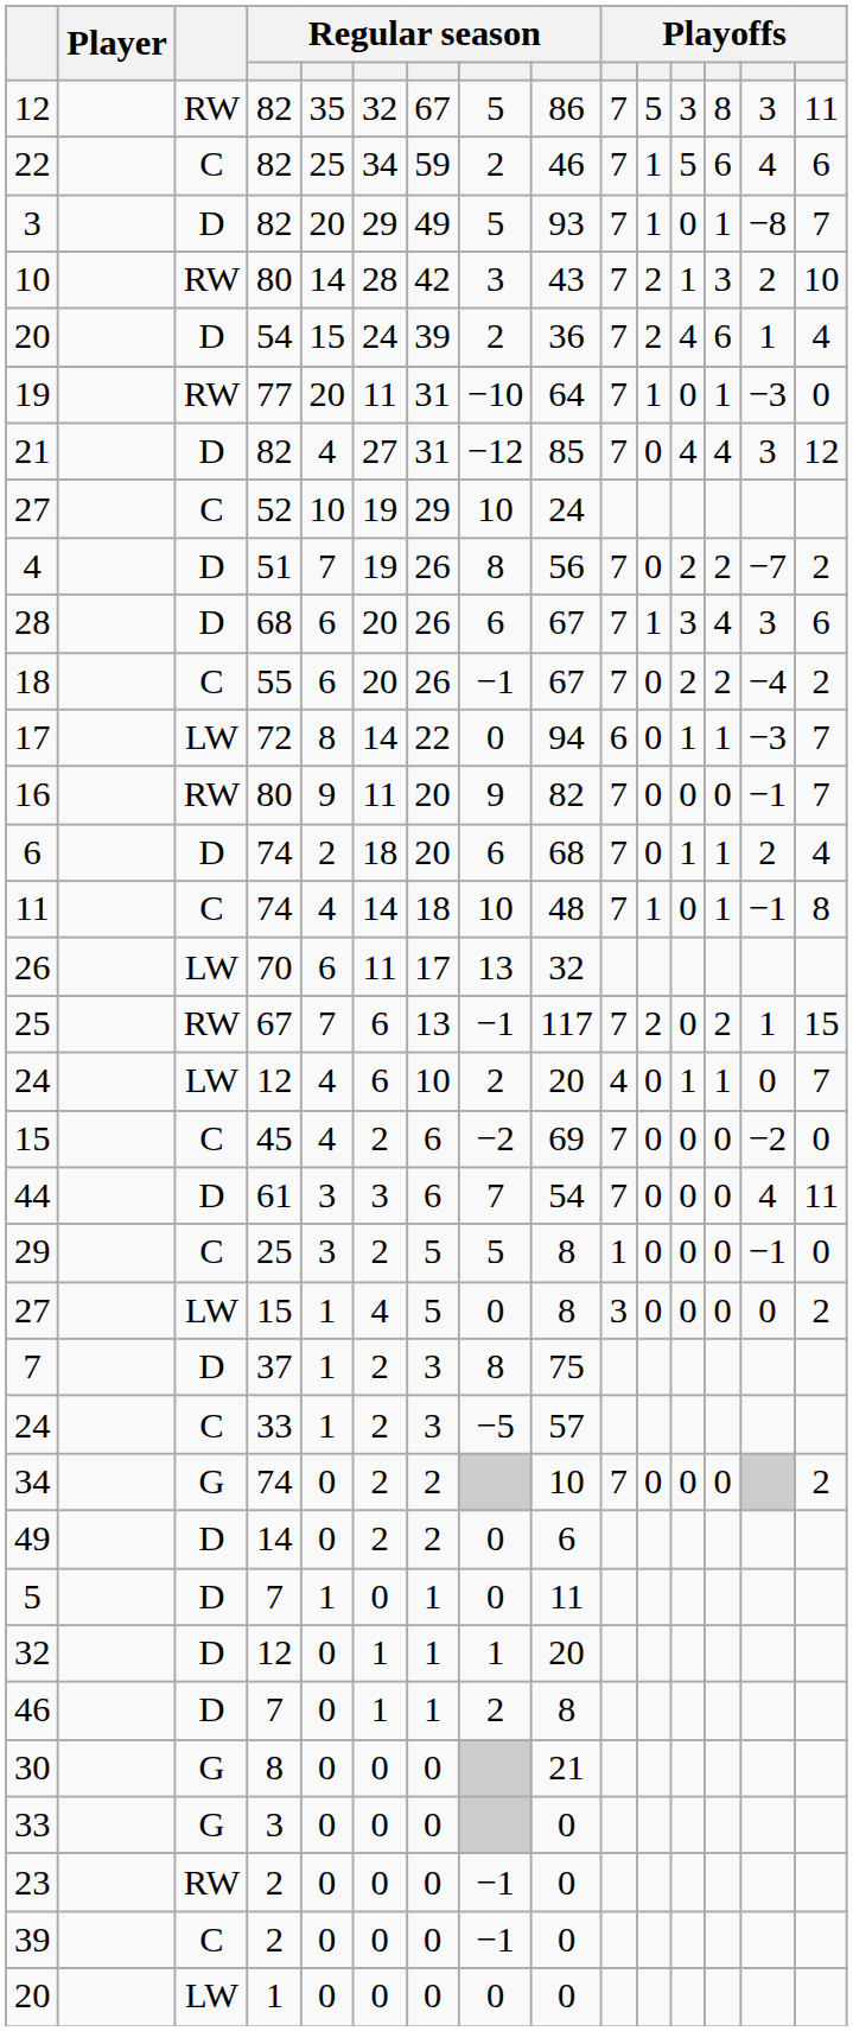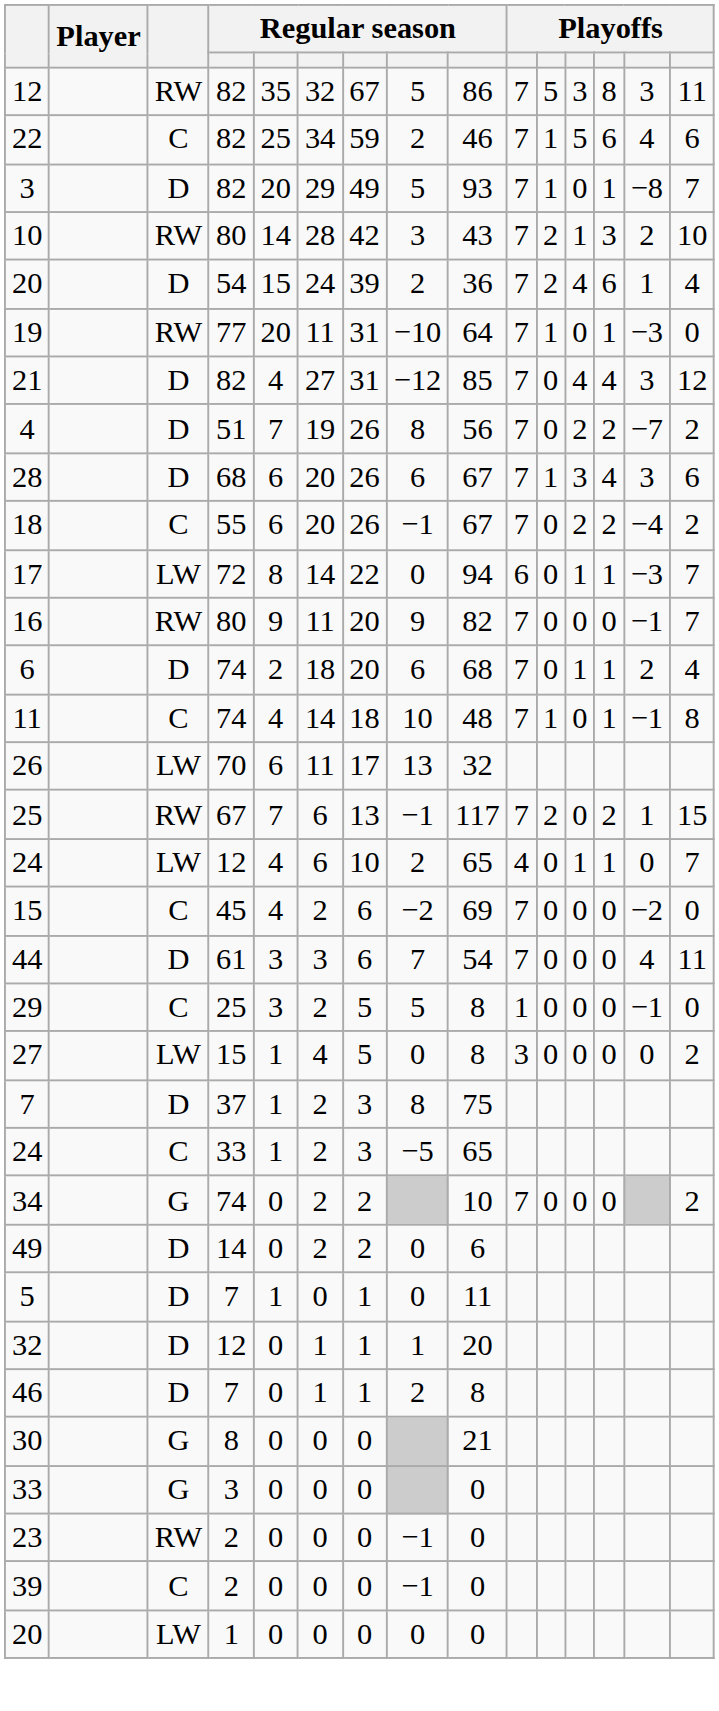 <table class="wikitable sortable plainrowheaders" style="text-align:center;">
 <tr>
 <th scope="col" data-sort-type="number" rowspan="2"></th>
 <th scope="col" rowspan="2">Player</th>
 <th scope="col" rowspan="2"></th>
 <th scope=colgroup colspan=6>Regular season</th>
 <th scope=colgroup colspan=6>Playoffs</th>
 </tr>
 <tr>
 <th scope="col" data-sort-type="number"></th>
 <th scope="col" data-sort-type="number"></th>
 <th scope="col" data-sort-type="number"></th>
 <th scope="col" data-sort-type="number"></th>
 <th scope="col" data-sort-type="number"></th>
 <th scope="col" data-sort-type="number"></th>
 <th scope="col" data-sort-type="number"></th>
 <th scope="col" data-sort-type="number"></th>
 <th scope="col" data-sort-type="number"></th>
 <th scope="col" data-sort-type="number"></th>
 <th scope="col" data-sort-type="number"></th>
 <th scope="col" data-sort-type="number"></th>
 </tr>
 <tr>
 <td scope="row">12</td>
 <td align="left"></td>
 <td>RW</td>
 <td>82</td>
 <td>35</td>
 <td>32</td>
 <td>67</td>
 <td>5</td>
 <td>86</td>
 <td>7</td>
 <td>5</td>
 <td>3</td>
 <td>8</td>
 <td>3</td>
 <td>11</td>
 </tr>
 <tr>
 <td scope="row">22</td>
 <td align="left"></td>
 <td>C</td>
 <td>82</td>
 <td>25</td>
 <td>34</td>
 <td>59</td>
 <td>2</td>
 <td>46</td>
 <td>7</td>
 <td>1</td>
 <td>5</td>
 <td>6</td>
 <td>4</td>
 <td>6</td>
 </tr>
 <tr>
 <td scope="row">3</td>
 <td align="left"></td>
 <td>D</td>
 <td>82</td>
 <td>20</td>
 <td>29</td>
 <td>49</td>
 <td>5</td>
 <td>93</td>
 <td>7</td>
 <td>1</td>
 <td>0</td>
 <td>1</td>
 <td>−8</td>
 <td>7</td>
 </tr>
 <tr>
 <td scope="row">10</td>
 <td align="left"></td>
 <td>RW</td>
 <td>80</td>
 <td>14</td>
 <td>28</td>
 <td>42</td>
 <td>3</td>
 <td>43</td>
 <td>7</td>
 <td>2</td>
 <td>1</td>
 <td>3</td>
 <td>2</td>
 <td>10</td>
 </tr>
 <tr>
 <td scope="row">20</td>
 <td align="left"></td>
 <td>D</td>
 <td>54</td>
 <td>15</td>
 <td>24</td>
 <td>39</td>
 <td>2</td>
 <td>36</td>
 <td>7</td>
 <td>2</td>
 <td>4</td>
 <td>6</td>
 <td>1</td>
 <td>4</td>
 </tr>
 <tr>
 <td scope="row">19</td>
 <td align="left"></td>
 <td>RW</td>
 <td>77</td>
 <td>20</td>
 <td>11</td>
 <td>31</td>
 <td>−10</td>
 <td>64</td>
 <td>7</td>
 <td>1</td>
 <td>0</td>
 <td>1</td>
 <td>−3</td>
 <td>0</td>
 </tr>
 <tr>
 <td scope="row">21</td>
 <td align="left"></td>
 <td>D</td>
 <td>82</td>
 <td>4</td>
 <td>27</td>
 <td>31</td>
 <td>−12</td>
 <td>85</td>
 <td>7</td>
 <td>0</td>
 <td>4</td>
 <td>4</td>
 <td>3</td>
 <td>12</td>
-</tr>
-<tr>
-<td scope="row">27</td>
-<td align="left"></td>
-<td>C</td>
-<td>52</td>
-<td>10</td>
-<td>19</td>
-<td>29</td>
-<td>10</td>
-<td>24</td>
-<td></td>
-<td></td>
-<td></td>
-<td></td>
-<td></td>
-<td></td>
 </tr>
 <tr>
 <td scope="row">4</td>
 <td align="left"></td>
 <td>D</td>
 <td>51</td>
 <td>7</td>
 <td>19</td>
 <td>26</td>
 <td>8</td>
 <td>56</td>
 <td>7</td>
 <td>0</td>
 <td>2</td>
 <td>2</td>
 <td>−7</td>
 <td>2</td>
 </tr>
 <tr>
 <td scope="row">28</td>
 <td align="left"></td>
 <td>D</td>
 <td>68</td>
 <td>6</td>
 <td>20</td>
 <td>26</td>
 <td>6</td>
 <td>67</td>
 <td>7</td>
 <td>1</td>
 <td>3</td>
 <td>4</td>
 <td>3</td>
 <td>6</td>
 </tr>
 <tr>
 <td scope="row">18</td>
 <td align="left"></td>
 <td>C</td>
 <td>55</td>
 <td>6</td>
 <td>20</td>
 <td>26</td>
 <td>−1</td>
 <td>67</td>
 <td>7</td>
 <td>0</td>
 <td>2</td>
 <td>2</td>
 <td>−4</td>
 <td>2</td>
 </tr>
 <tr>
 <td scope="row">17</td>
 <td align="left"></td>
 <td>LW</td>
 <td>72</td>
 <td>8</td>
 <td>14</td>
 <td>22</td>
 <td>0</td>
 <td>94</td>
 <td>6</td>
 <td>0</td>
 <td>1</td>
 <td>1</td>
 <td>−3</td>
 <td>7</td>
 </tr>
 <tr>
 <td scope="row">16</td>
 <td align="left"></td>
 <td>RW</td>
 <td>80</td>
 <td>9</td>
 <td>11</td>
 <td>20</td>
 <td>9</td>
 <td>82</td>
 <td>7</td>
 <td>0</td>
 <td>0</td>
 <td>0</td>
 <td>−1</td>
 <td>7</td>
 </tr>
 <tr>
 <td scope="row">6</td>
 <td align="left"></td>
 <td>D</td>
 <td>74</td>
 <td>2</td>
 <td>18</td>
 <td>20</td>
 <td>6</td>
 <td>68</td>
 <td>7</td>
 <td>0</td>
 <td>1</td>
 <td>1</td>
 <td>2</td>
 <td>4</td>
 </tr>
 <tr>
 <td scope="row">11</td>
 <td align="left"></td>
 <td>C</td>
 <td>74</td>
 <td>4</td>
 <td>14</td>
 <td>18</td>
 <td>10</td>
 <td>48</td>
 <td>7</td>
 <td>1</td>
 <td>0</td>
 <td>1</td>
 <td>−1</td>
 <td>8</td>
 </tr>
 <tr>
 <td scope="row">26</td>
 <td align="left"></td>
 <td>LW</td>
 <td>70</td>
 <td>6</td>
 <td>11</td>
 <td>17</td>
 <td>13</td>
 <td>32</td>
 <td></td>
 <td></td>
 <td></td>
 <td></td>
 <td></td>
 <td></td>
 </tr>
 <tr>
 <td scope="row">25</td>
 <td align="left"></td>
 <td>RW</td>
 <td>67</td>
 <td>7</td>
 <td>6</td>
 <td>13</td>
 <td>−1</td>
 <td>117</td>
 <td>7</td>
 <td>2</td>
 <td>0</td>
 <td>2</td>
 <td>1</td>
 <td>15</td>
 </tr>
 <tr>
 <td scope="row">24</td>
 <td align="left"></td>
 <td>LW</td>
 <td>12</td>
 <td>4</td>
 <td>6</td>
 <td>10</td>
 <td>2</td>
-<td>20</td>
+<td>65</td>
 <td>4</td>
 <td>0</td>
 <td>1</td>
 <td>1</td>
 <td>0</td>
 <td>7</td>
 </tr>
 <tr>
 <td scope="row">15</td>
 <td align="left"></td>
 <td>C</td>
 <td>45</td>
 <td>4</td>
 <td>2</td>
 <td>6</td>
 <td>−2</td>
 <td>69</td>
 <td>7</td>
 <td>0</td>
 <td>0</td>
 <td>0</td>
 <td>−2</td>
 <td>0</td>
 </tr>
 <tr>
 <td scope="row">44</td>
 <td align="left"></td>
 <td>D</td>
 <td>61</td>
 <td>3</td>
 <td>3</td>
 <td>6</td>
 <td>7</td>
 <td>54</td>
 <td>7</td>
 <td>0</td>
 <td>0</td>
 <td>0</td>
 <td>4</td>
 <td>11</td>
 </tr>
 <tr>
 <td scope="row">29</td>
 <td align="left"></td>
 <td>C</td>
 <td>25</td>
 <td>3</td>
 <td>2</td>
 <td>5</td>
 <td>5</td>
 <td>8</td>
 <td>1</td>
 <td>0</td>
 <td>0</td>
 <td>0</td>
 <td>−1</td>
 <td>0</td>
 </tr>
 <tr>
 <td scope="row">27</td>
 <td align="left"></td>
 <td>LW</td>
 <td>15</td>
 <td>1</td>
 <td>4</td>
 <td>5</td>
 <td>0</td>
 <td>8</td>
 <td>3</td>
 <td>0</td>
 <td>0</td>
 <td>0</td>
 <td>0</td>
 <td>2</td>
 </tr>
 <tr>
 <td scope="row">7</td>
 <td align="left"></td>
 <td>D</td>
 <td>37</td>
 <td>1</td>
 <td>2</td>
 <td>3</td>
 <td>8</td>
 <td>75</td>
 <td></td>
 <td></td>
 <td></td>
 <td></td>
 <td></td>
 <td></td>
 </tr>
 <tr>
 <td scope="row">24</td>
 <td align="left"></td>
 <td>C</td>
 <td>33</td>
 <td>1</td>
 <td>2</td>
 <td>3</td>
 <td>−5</td>
-<td>57</td>
+<td>65</td>
 <td></td>
 <td></td>
 <td></td>
 <td></td>
 <td></td>
 <td></td>
 </tr>
 <tr>
 <td scope="row">34</td>
 <td align="left"></td>
 <td>G</td>
 <td>74</td>
 <td>0</td>
 <td>2</td>
 <td>2</td>
 <td style="background:#ccc"></td>
 <td>10</td>
 <td>7</td>
 <td>0</td>
 <td>0</td>
 <td>0</td>
 <td style="background:#ccc"></td>
 <td>2</td>
 </tr>
 <tr>
 <td scope="row">49</td>
 <td align="left"></td>
 <td>D</td>
 <td>14</td>
 <td>0</td>
 <td>2</td>
 <td>2</td>
 <td>0</td>
 <td>6</td>
 <td></td>
 <td></td>
 <td></td>
 <td></td>
 <td></td>
 <td></td>
 </tr>
 <tr>
 <td scope="row">5</td>
 <td align="left"></td>
 <td>D</td>
 <td>7</td>
 <td>1</td>
 <td>0</td>
 <td>1</td>
 <td>0</td>
 <td>11</td>
 <td></td>
 <td></td>
 <td></td>
 <td></td>
 <td></td>
 <td></td>
 </tr>
 <tr>
 <td scope="row">32</td>
 <td align="left"></td>
 <td>D</td>
 <td>12</td>
 <td>0</td>
 <td>1</td>
 <td>1</td>
 <td>1</td>
 <td>20</td>
 <td></td>
 <td></td>
 <td></td>
 <td></td>
 <td></td>
 <td></td>
 </tr>
 <tr>
 <td scope="row">46</td>
 <td align="left"></td>
 <td>D</td>
 <td>7</td>
 <td>0</td>
 <td>1</td>
 <td>1</td>
 <td>2</td>
 <td>8</td>
 <td></td>
 <td></td>
 <td></td>
 <td></td>
 <td></td>
 <td></td>
 </tr>
 <tr>
 <td scope="row">30</td>
 <td align="left"></td>
 <td>G</td>
 <td>8</td>
 <td>0</td>
 <td>0</td>
 <td>0</td>
 <td style="background:#ccc"></td>
 <td>21</td>
 <td></td>
 <td></td>
 <td></td>
 <td></td>
 <td></td>
 <td></td>
 </tr>
 <tr>
 <td scope="row">33</td>
 <td align="left"></td>
 <td>G</td>
 <td>3</td>
 <td>0</td>
 <td>0</td>
 <td>0</td>
 <td style="background:#ccc"></td>
 <td>0</td>
 <td></td>
 <td></td>
 <td></td>
 <td></td>
 <td></td>
 <td></td>
 </tr>
 <tr>
 <td scope="row">23</td>
 <td align="left"></td>
 <td>RW</td>
 <td>2</td>
 <td>0</td>
 <td>0</td>
 <td>0</td>
 <td>−1</td>
 <td>0</td>
 <td></td>
 <td></td>
 <td></td>
 <td></td>
 <td></td>
 <td></td>
 </tr>
 <tr>
 <td scope="row">39</td>
 <td align="left"></td>
 <td>C</td>
 <td>2</td>
 <td>0</td>
 <td>0</td>
 <td>0</td>
 <td>−1</td>
 <td>0</td>
 <td></td>
 <td></td>
 <td></td>
 <td></td>
 <td></td>
 <td></td>
 </tr>
 <tr>
 <td scope="row">20</td>
 <td align="left"></td>
 <td>LW</td>
 <td>1</td>
 <td>0</td>
 <td>0</td>
 <td>0</td>
 <td>0</td>
 <td>0</td>
 <td></td>
 <td></td>
 <td></td>
 <td></td>
 <td></td>
 <td></td>
 </tr>
 </table>
